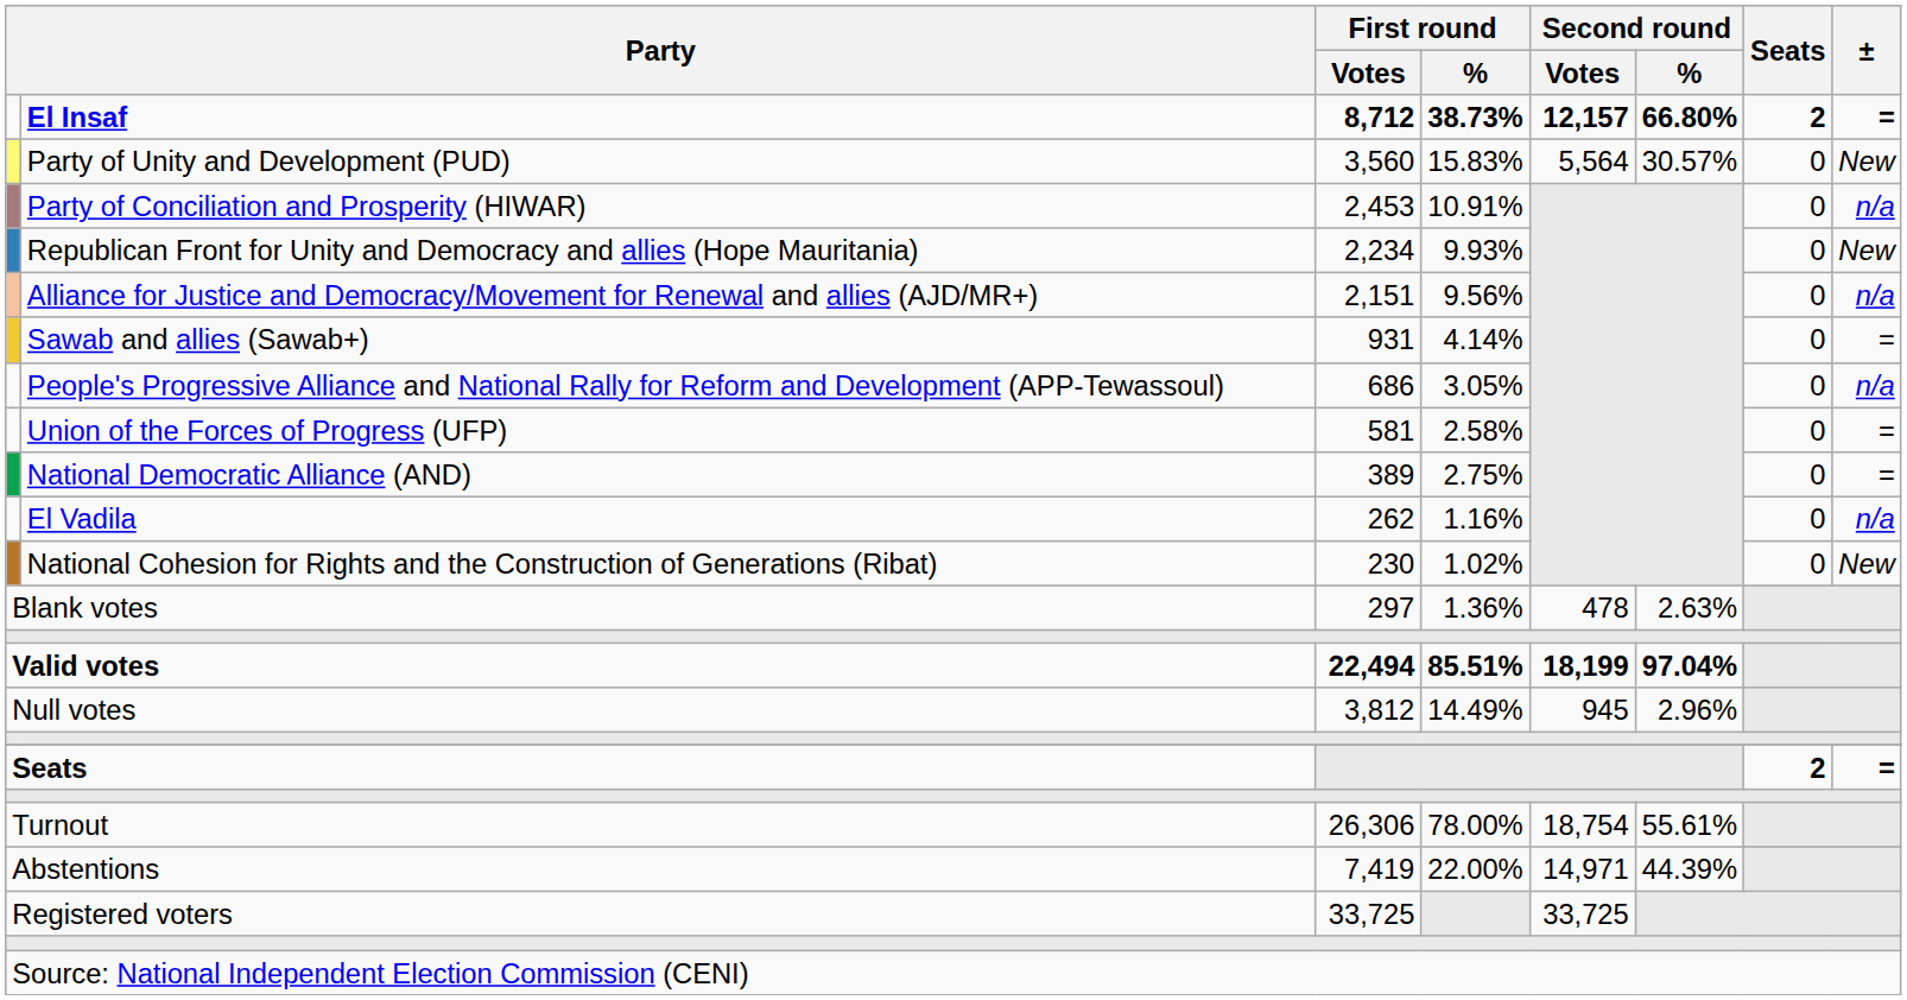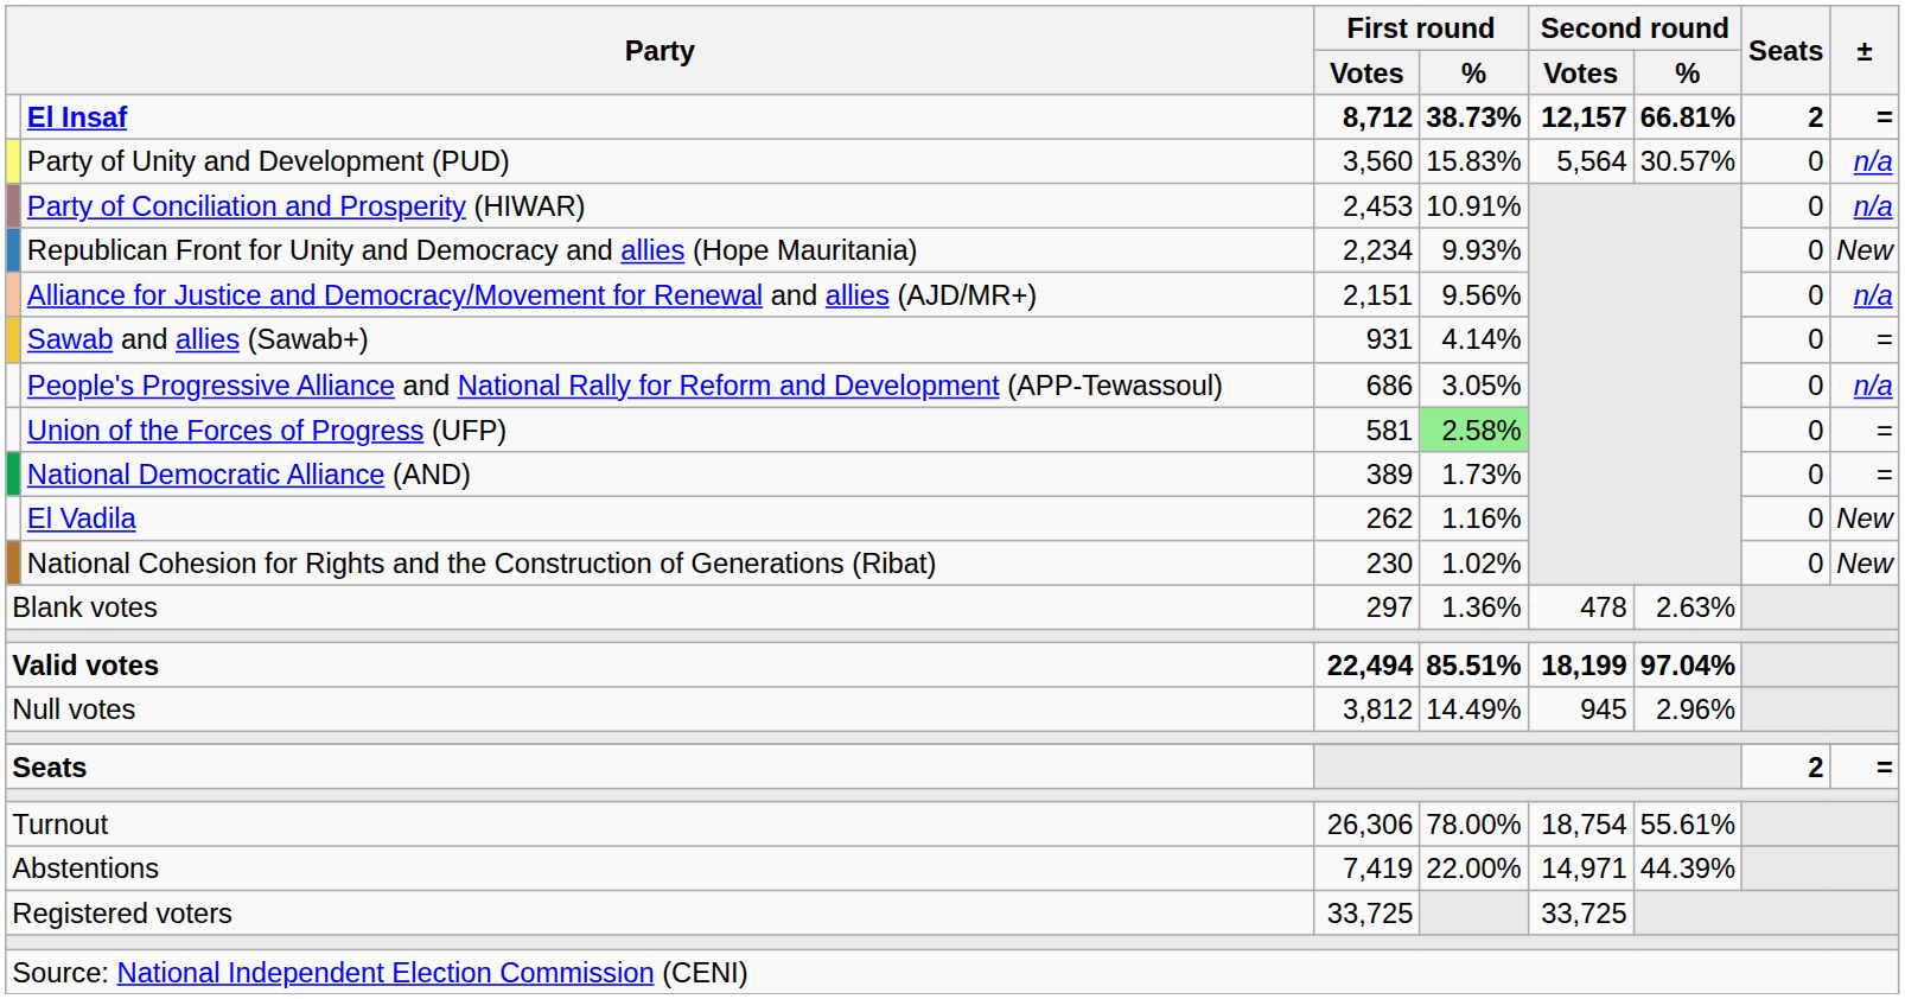 <table class="wikitable" style="text-align:right;font-size:95%;">
 <tr>
 <th rowspan="2" colspan="2" width="700">Party</th>
 <th colspan="2">First round</th>
 <th colspan="2">Second round</th>
 <th rowspan="2" width="25">Seats</th>
 <th rowspan="2" width="20">±</th>
 </tr>
 <tr>
 <th width="50">Votes</th>
 <th width="50">%</th>
 <th width="50">Votes</th>
 <th width="50">%</th>
 </tr>
 <tr>
 <td width="1" style="color:inherit;background:"></td>
 <td style="text-align:left;"><strong><a href='#'>El Insaf</a></strong></td>
 <td><strong>8,712</strong></td>
 <td><strong>38.73%</strong></td>
 <td><strong>12,157</strong></td>
-<td><strong>66.80%</strong></td>
+<td><strong>66.81%</strong></td>
 <td><strong>2</strong></td>
 <td><strong>=</strong></td>
 </tr>
 <tr>
 <td width="1" style="color:inherit;background:#FAFA75;"></td>
 <td style="text-align:left;">Party of Unity and Development (PUD)</td>
 <td>3,560</td>
 <td>15.83%</td>
 <td>5,564</td>
 <td>30.57%</td>
 <td>0</td>
-<td><em>New</em></td>
+<td><em><a href='#'>n/a</a></em></td>
 </tr>
 <tr>
 <td width="1" style="color:inherit;background:#A47A7E;"></td>
 <td style="text-align:left;"><a href='#'>Party of Conciliation and Prosperity</a> (HIWAR)</td>
 <td>2,453</td>
 <td>10.91%</td>
 <td colspan="2" rowspan="9" style="background:#E9E9E9;"></td>
 <td>0</td>
 <td><em><a href='#'>n/a</a></em></td>
 </tr>
 <tr>
 <td width="1" style="color:inherit;background:#3080B7;"></td>
 <td style="text-align:left;">Republican Front for Unity and Democracy and <a href='#'>allies</a> (Hope Mauritania)</td>
 <td>2,234</td>
 <td>9.93%</td>
 <td>0</td>
 <td><em>New</em></td>
 </tr>
 <tr>
 <td width="1" style="color:inherit;background:#F8C3A0;"></td>
 <td style="text-align:left;"><a href='#'>Alliance for Justice and Democracy/Movement for Renewal</a> and <a href='#'>allies</a> (AJD/MR+)</td>
 <td>2,151</td>
 <td>9.56%</td>
 <td>0</td>
 <td><em><a href='#'>n/a</a></em></td>
 </tr>
 <tr>
 <td width="1" style="color:inherit;background:#F0C832;"></td>
 <td style="text-align:left;"><a href='#'>Sawab</a> and <a href='#'>allies</a> (Sawab+)</td>
 <td>931</td>
 <td>4.14%</td>
 <td>0</td>
 <td>=</td>
 </tr>
 <tr>
 <td width="1" style="color:inherit;background:"></td>
 <td style="text-align:left;"><a href='#'>People's Progressive Alliance</a> and <a href='#'>National Rally for Reform and Development</a> (APP-Tewassoul)</td>
 <td>686</td>
 <td>3.05%</td>
 <td>0</td>
 <td><em><a href='#'>n/a</a></em></td>
 </tr>
 <tr>
 <td width="1" style="color:inherit;background:"></td>
 <td style="text-align:left;"><a href='#'>Union of the Forces of Progress</a> (UFP)</td>
 <td>581</td>
-<td>2.58%</td>
+<td style="background: lightgreen;">2.58%</td>
 <td>0</td>
 <td>=</td>
 </tr>
 <tr>
 <td width="1" style="color:inherit;background:#0AA450;"></td>
 <td style="text-align:left;"><a href='#'>National Democratic Alliance</a> (AND)</td>
 <td>389</td>
-<td>2.75%</td>
+<td>1.73%</td>
 <td>0</td>
 <td>=</td>
 </tr>
 <tr>
 <td width="1" style="color:inherit;background:"></td>
 <td style="text-align:left;"><a href='#'>El Vadila</a></td>
 <td>262</td>
 <td>1.16%</td>
 <td>0</td>
-<td><em><a href='#'>n/a</a></em></td>
+<td><em>New</em></td>
 </tr>
 <tr>
 <td width="1" style="color:inherit;background:#B7752C;"></td>
 <td style="text-align:left;">National Cohesion for Rights and the Construction of Generations (Ribat)</td>
 <td>230</td>
 <td>1.02%</td>
 <td>0</td>
 <td><em>New</em></td>
 </tr>
 <tr>
 <td colspan="2" style="text-align:left;">Blank votes</td>
 <td>297</td>
 <td>1.36%</td>
 <td>478</td>
 <td>2.63%</td>
 <td colspan="2" style="background:#E9E9E9;"></td>
 </tr>
 <tr>
 <td colspan="8" style="background:#E9E9E9;"></td>
 </tr>
 <tr style="font-weight:bold;">
 <td colspan="2" style="text-align:left;">Valid votes</td>
 <td>22,494</td>
 <td>85.51%</td>
 <td>18,199</td>
 <td>97.04%</td>
 <td colspan="2" style="background:#E9E9E9;"></td>
 </tr>
 <tr>
 <td colspan="2" style="text-align:left;">Null votes</td>
 <td>3,812</td>
 <td>14.49%</td>
 <td>945</td>
 <td>2.96%</td>
 <td colspan="2" style="background:#E9E9E9;"></td>
 </tr>
 <tr>
 <td colspan="8" style="background:#E9E9E9;"></td>
 </tr>
 <tr>
 </tr>
 <tr style="font-weight:bold;">
 <td colspan="2" style="text-align:left;">Seats</td>
 <td colspan="4" style="background:#E9E9E9;"></td>
 <td>2</td>
 <td>=</td>
 </tr>
 <tr>
 <td colspan="8" style="background:#E9E9E9;"></td>
 </tr>
 <tr>
 <td colspan="2" style="text-align:left;">Turnout</td>
 <td>26,306</td>
 <td>78.00%</td>
 <td>18,754</td>
 <td>55.61%</td>
 <td colspan="2" style="background:#E9E9E9;"></td>
 </tr>
 <tr>
 <td colspan="2" style="text-align:left;">Abstentions</td>
 <td>7,419</td>
 <td>22.00%</td>
 <td>14,971</td>
 <td>44.39%</td>
 <td colspan="2" style="background:#E9E9E9;"></td>
 </tr>
 <tr>
 <td colspan="2" style="text-align:left;">Registered voters</td>
 <td>33,725</td>
 <td style="color:inherit;background:#E9E9E9;"></td>
 <td>33,725</td>
 <td colspan="3" style="background:#E9E9E9;"></td>
 </tr>
 <tr>
 <td colspan="8" style="background:#E9E9E9;"></td>
 </tr>
 <tr>
 <td colspan="8" style="text-align:left;">Source: <a href='#'>National Independent Election Commission</a> (CENI)</td>
 </tr>
 </table>
